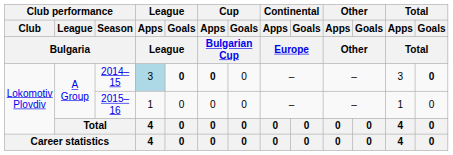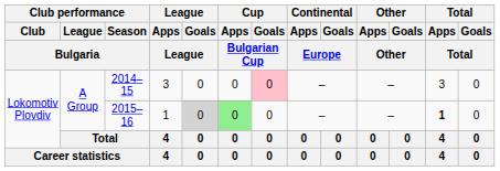 <table class="wikitable" style="text-align: center">
 <tr>
 <th Colspan="3">Club performance</th>
 <th Colspan="2">League</th>
 <th Colspan="2">Cup</th>
 <th Colspan="2">Continental</th>
 <th Colspan="2">Other</th>
 <th Colspan="3">Total</th>
 </tr>
 <tr>
 <th>Club</th>
 <th>League</th>
 <th>Season</th>
 <th>Apps</th>
 <th>Goals</th>
 <th>Apps</th>
 <th>Goals</th>
 <th>Apps</th>
 <th>Goals</th>
 <th>Apps</th>
 <th>Goals</th>
 <th>Apps</th>
 <th>Goals</th>
 </tr>
 <tr>
 <th Colspan="3">Bulgaria</th>
 <th Colspan="2">League</th>
 <th Colspan="2"><a href='#'>Bulgarian Cup</a></th>
 <th Colspan="2"><a href='#'>Europe</a></th>
 <th Colspan="2">Other</th>
 <th Colspan="2">Total</th>
 </tr>
 <tr>
 <td rowspan="3" valign="center"><a href='#'>Lokomotiv Plovdiv</a></td>
 <td rowspan="2"><a href='#'>A Group</a></td>
 <td><a href='#'>2014–15</a></td>
-<td style="background: lightblue;">3</td>
-<td><strong>0</strong></td>
-<td><strong>0</strong></td>
+<td>3</td>
 <td>0</td>
+<td>0</td>
+<td style="background: pink;">0</td>
 <td colspan="2">–</td>
 <td colspan="2">–</td>
 <td>3</td>
-<td><strong>0</strong></td>
+<td>0</td>
 </tr>
 <tr>
 <td><a href='#'>2015–16</a></td>
 <td>1</td>
-<td>0</td>
-<td>0</td>
+<td style="background: lightgrey;">0</td>
+<td style="background: lightgreen;">0</td>
 <td>0</td>
 <td colspan="2">–</td>
 <td colspan="2">–</td>
-<td>1</td>
+<td><strong>1</strong></td>
 <td>0</td>
 </tr>
 <tr>
 <th colspan="2">Total</th>
 <th>4</th>
 <th>0</th>
 <th>0</th>
 <th>0</th>
 <th>0</th>
 <th>0</th>
 <th>0</th>
 <th>0</th>
 <th>4</th>
 <th>0</th>
 </tr>
 <tr>
 <th colspan="3">Career statistics</th>
 <th>4</th>
 <th>0</th>
 <th>0</th>
 <th>0</th>
 <th>0</th>
 <th>0</th>
 <th>0</th>
 <th>0</th>
 <th>4</th>
 <th>0</th>
 </tr>
 </table>
